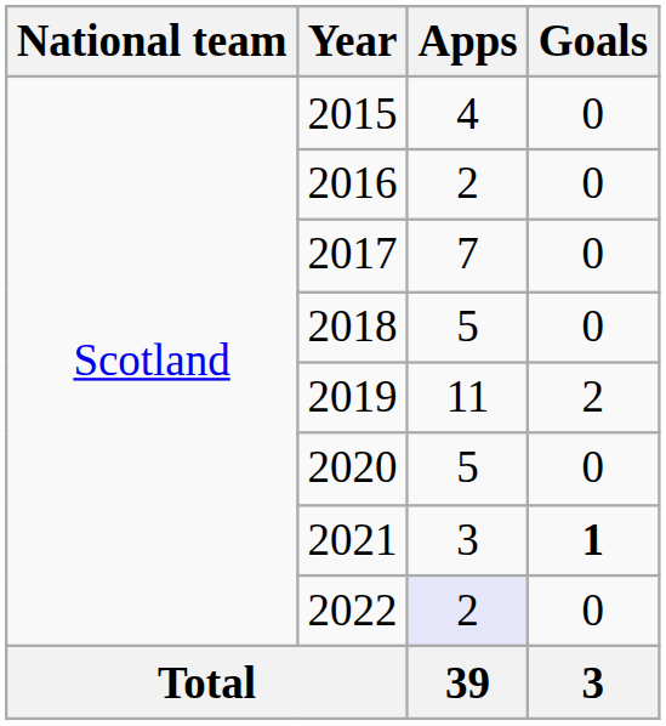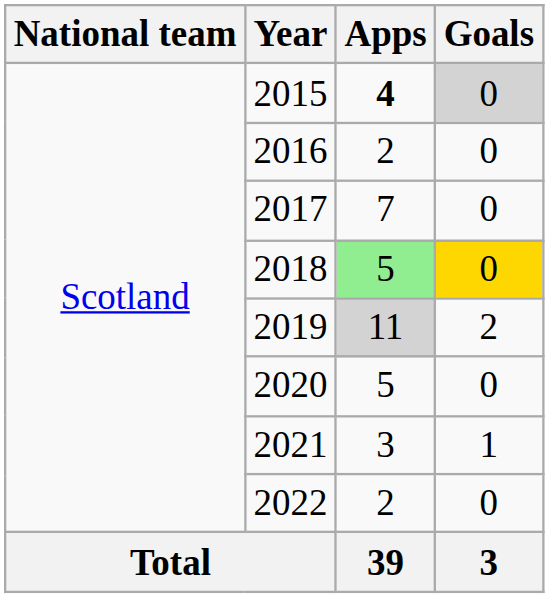 <table class="wikitable" style="text-align:center">
 <tr>
 <th>National team</th>
 <th>Year</th>
 <th>Apps</th>
 <th>Goals</th>
 </tr>
 <tr>
 <td rowspan="8"><a href='#'>Scotland</a></td>
 <td>2015</td>
-<td>4</td>
-<td>0</td>
+<td><strong>4</strong></td>
+<td style="background: lightgrey;">0</td>
 </tr>
 <tr>
 <td>2016</td>
 <td>2</td>
 <td>0</td>
 </tr>
 <tr>
 <td>2017</td>
 <td>7</td>
 <td>0</td>
 </tr>
 <tr>
 <td>2018</td>
-<td>5</td>
-<td>0</td>
+<td style="background: lightgreen;">5</td>
+<td style="background: gold;">0</td>
 </tr>
 <tr>
 <td>2019</td>
-<td>11</td>
+<td style="background: lightgrey;">11</td>
 <td>2</td>
 </tr>
 <tr>
 <td>2020</td>
 <td>5</td>
 <td>0</td>
 </tr>
 <tr>
 <td>2021</td>
 <td>3</td>
-<td><strong>1</strong></td>
+<td>1</td>
 </tr>
 <tr>
 <td>2022</td>
-<td style="background: lavender;">2</td>
+<td>2</td>
 <td>0</td>
 </tr>
 <tr>
 <th colspan=2>Total</th>
 <th>39</th>
 <th>3</th>
 </tr>
 </table>
